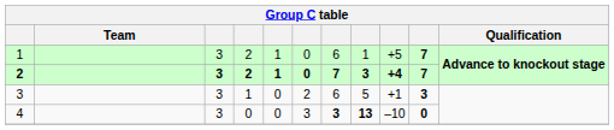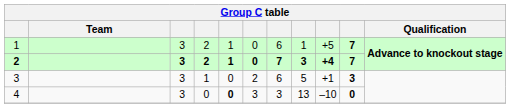 <table class="wikitable" style="text-align: center;">
 <tr>
 <th colspan="11"><a href='#'>Group C</a> table</th>
 </tr>
 <tr>
 <th width=30></th>
 <th width="210">Team</th>
 <th width=30></th>
 <th width=30></th>
 <th width=30></th>
 <th width=30></th>
 <th width=30></th>
 <th width=30></th>
 <th width=30></th>
 <th width=30></th>
 <th width=210>Qualification</th>
 </tr>
 <tr style="background:#ccffcc;">
 <td>1</td>
 <td align="left"></td>
 <td>3</td>
 <td>2</td>
 <td>1</td>
 <td>0</td>
 <td>6</td>
 <td>1</td>
 <td>+5</td>
 <td><strong>7</strong></td>
 <td rowspan="2"><strong>Advance to knockout stage</strong></td>
 </tr>
 <tr style="background:#ccffcc;">
 <td><strong>2</strong></td>
 <td align="left"><strong></strong></td>
 <td><strong>3</strong></td>
 <td><strong>2</strong></td>
 <td><strong>1</strong></td>
 <td><strong>0</strong></td>
 <td><strong>7</strong></td>
 <td><strong>3</strong></td>
 <td><strong>+4</strong></td>
 <td><strong>7</strong></td>
 </tr>
 <tr>
 <td>3</td>
 <td align="left"></td>
 <td>3</td>
 <td>1</td>
 <td>0</td>
 <td>2</td>
 <td>6</td>
 <td>5</td>
 <td>+1</td>
 <td><strong>3</strong></td>
 <td rowspan="2"></td>
 </tr>
 <tr>
 <td>4</td>
 <td align="left"></td>
 <td>3</td>
 <td>0</td>
-<td>0</td>
+<td><strong>0</strong></td>
 <td>3</td>
-<td><strong>3</strong></td>
-<td><strong>13</strong></td>
+<td>3</td>
+<td>13</td>
 <td>–10</td>
 <td><strong>0</strong></td>
 </tr>
 <tr>
 </tr>
 </table>
